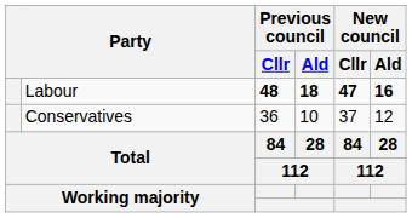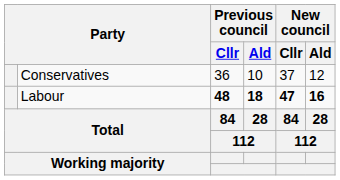 <table class="wikitable">
 <tr>
 <th colspan="2" rowspan="2" style="width: 230px">Party</th>
 <th valign=top colspan="2" style="width: 30px">Previous council</th>
 <th valign=top colspan="2" style="width: 30px">New council</th>
 </tr>
 <tr>
 <th><a href='#'>Cllr</a></th>
 <th><a href='#'>Ald</a></th>
 <th>Cllr</th>
 <th>Ald</th>
 </tr>
 <tr>
 <th style="background-color: "></th>
+<td>Conservatives</td>
+<td>36</td>
+<td>10</td>
+<td>37</td>
+<td>12</td>
+</tr>
+<tr>
+<th style="background-color: "></th>
 <td>Labour</td>
 <td><strong>48</strong></td>
 <td><strong>18</strong></td>
 <td><strong>47</strong></td>
 <td><strong>16</strong></td>
-</tr>
-<tr>
-<th style="background-color: "></th>
-<td>Conservatives</td>
-<td>36</td>
-<td>10</td>
-<td>37</td>
-<td>12</td>
 </tr>
 <tr>
 <th colspan="2" rowspan="2">Total</th>
 <th style="text-align: center">84</th>
 <th style="text-align: center">28</th>
 <th style="text-align: center">84</th>
 <th style="text-align: center">28</th>
 </tr>
 <tr>
 <th colspan="2" style="text-align: center">112</th>
 <th colspan="2" style="text-align: center">112</th>
 </tr>
 <tr>
 <th colspan="2" rowspan="2">Working majority</th>
 <th></th>
 <th></th>
 <th></th>
 <th></th>
 </tr>
 <tr>
 <th colspan="2"></th>
 <th colspan="2"></th>
 </tr>
 </table>
